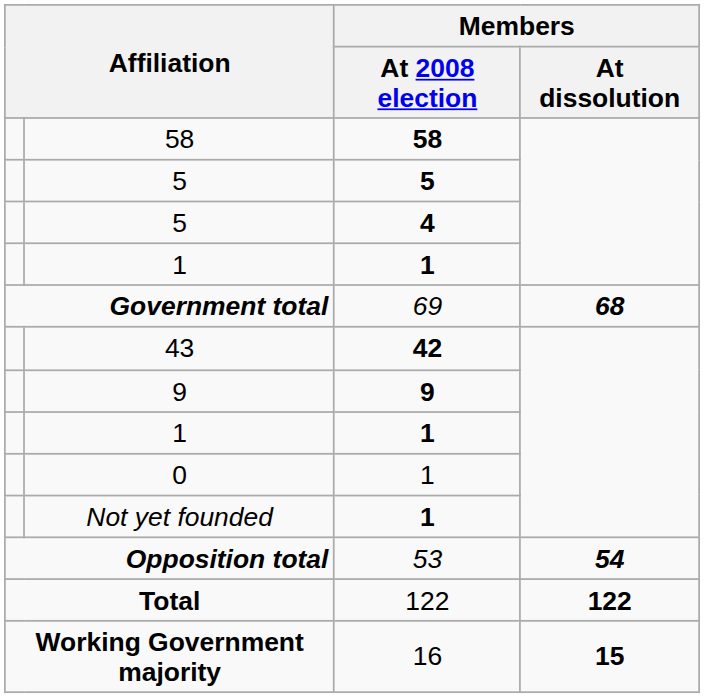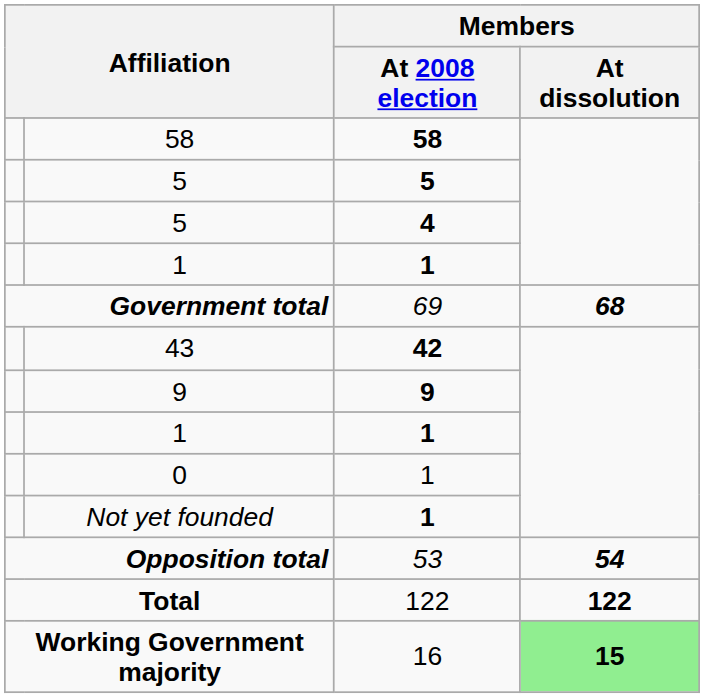 <table class="wikitable" border="1" style="font-size:95%; width:300pt; text-align:center">
 <tr>
 <th colspan="2" rowspan="2" style="text-align:center;vertical-align:middle; ">Affiliation</th>
 <th colspan="2" style="vertical-align:top;">Members</th>
 </tr>
 <tr>
 <th>At <a href='#'>2008 election</a></th>
 <th>At dissolution</th>
 </tr>
 <tr>
 <td></td>
 <td>58</td>
 <td><strong>58</strong></td>
 </tr>
 <tr>
 <td> </td>
 <td>5</td>
 <td><strong>5</strong></td>
 </tr>
 <tr>
 <td> </td>
 <td>5</td>
 <td><strong>4</strong></td>
 </tr>
 <tr>
 <td> </td>
 <td>1</td>
 <td><strong>1</strong></td>
 </tr>
 <tr>
 <td colspan="2" rowspan="1" style="text-align:right; "><strong><em>Government total</em></strong></td>
 <td><em>69</em></td>
 <td><strong><em>68</em></strong></td>
 </tr>
 <tr>
 <td></td>
 <td>43</td>
 <td><strong>42</strong></td>
 </tr>
 <tr>
 <td></td>
 <td>9</td>
 <td><strong>9</strong></td>
 </tr>
 <tr>
 <td></td>
 <td>1</td>
 <td><strong>1</strong></td>
 </tr>
 <tr>
 <td></td>
 <td>0</td>
 <td>1</td>
 </tr>
 <tr>
 <td></td>
 <td><em>Not yet founded</em></td>
 <td><strong>1</strong> </td>
 </tr>
 <tr>
 <td colspan="2" rowspan="1" style="text-align:right; "><strong><em>Opposition total</em></strong></td>
 <td><em>53</em></td>
 <td><strong><em>54</em></strong></td>
 </tr>
 <tr>
 <td colspan="2" rowspan="1"><strong>Total</strong><br></td>
 <td>122</td>
 <td><strong>122</strong></td>
 </tr>
 <tr>
 <td colspan="2" rowspan="1"><strong>Working Government majority</strong> </td>
 <td>16</td>
-<td><strong>15</strong></td>
+<td style="background: lightgreen;"><strong>15</strong></td>
 </tr>
 </table>
